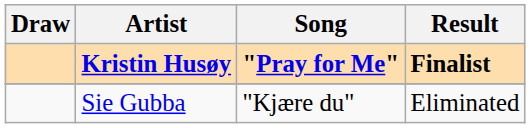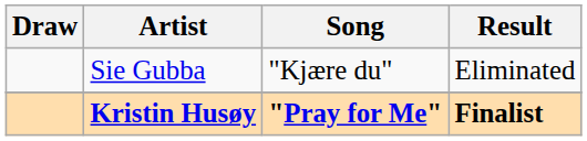 <table class="sortable wikitable" style="margin: 1em auto 1em auto">
 <tr>
 <th scope="col">Draw</th>
 <th scope="col">Artist</th>
 <th scope="col">Song</th>
 <th scope="col">Result</th>
 </tr>
+<tr>
+<td></td>
+<td><a href='#'>Sie Gubba</a></td>
+<td>"Kjære du"</td>
+<td>Eliminated</td>
+</tr>
+<tr>
+</tr>
 <tr style="background: navajowhite; font-weight: bold;">
 <td></td>
 <td><a href='#'>Kristin Husøy</a></td>
 <td>"<a href='#'>Pray for Me</a>"</td>
 <td>Finalist</td>
 </tr>
-<tr>
-</tr>
-<tr>
-<td></td>
-<td><a href='#'>Sie Gubba</a></td>
-<td>"Kjære du"</td>
-<td>Eliminated</td>
-</tr>
 </table>
